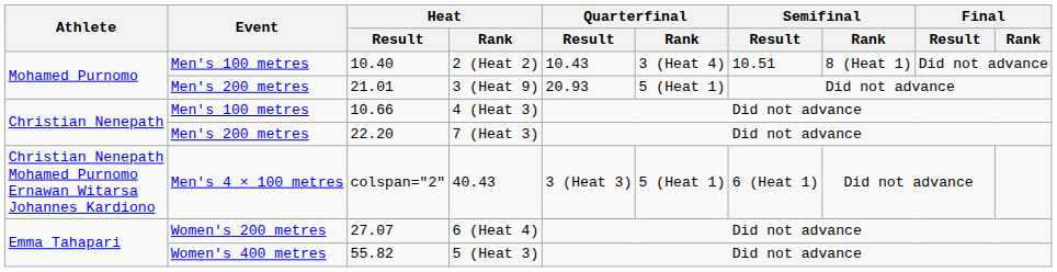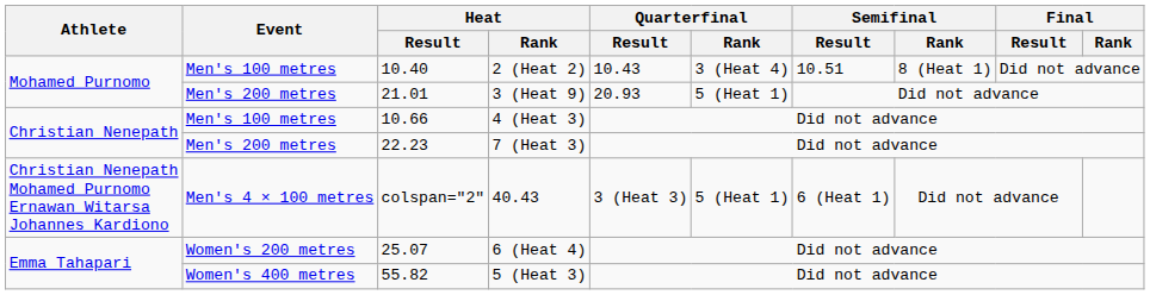 <table class="wikitable">
 <tr>
 <th rowspan="2">Athlete</th>
 <th rowspan="2">Event</th>
 <th colspan="2">Heat</th>
 <th colspan="2">Quarterfinal</th>
 <th colspan="2">Semifinal</th>
 <th colspan="2">Final</th>
 </tr>
 <tr>
 <th>Result</th>
 <th>Rank</th>
 <th>Result</th>
 <th>Rank</th>
 <th>Result</th>
 <th>Rank</th>
 <th>Result</th>
 <th>Rank</th>
 </tr>
 <tr>
 <td rowspan=2><a href='#'>Mohamed Purnomo</a></td>
 <td><a href='#'>Men's 100 metres</a></td>
 <td>10.40</td>
 <td>2 (Heat 2)</td>
 <td>10.43</td>
 <td>3 (Heat 4)</td>
 <td>10.51</td>
 <td>8 (Heat 1)</td>
 <td colspan="2" align=center>Did not advance</td>
 </tr>
 <tr>
 <td><a href='#'>Men's 200 metres</a></td>
 <td>21.01</td>
 <td>3 (Heat 9)</td>
 <td>20.93</td>
 <td>5 (Heat 1)</td>
 <td colspan="4" align=center>Did not advance</td>
 </tr>
 <tr>
 <td rowspan=2><a href='#'>Christian Nenepath</a></td>
 <td><a href='#'>Men's 100 metres</a></td>
 <td>10.66</td>
 <td>4 (Heat 3)</td>
 <td colspan="6" align=center>Did not advance</td>
 </tr>
 <tr>
 <td><a href='#'>Men's 200 metres</a></td>
-<td>22.20</td>
+<td>22.23</td>
 <td>7 (Heat 3)</td>
 <td colspan="6" align=center>Did not advance</td>
 </tr>
 <tr>
 <td align=left><a href='#'>Christian Nenepath</a><br><a href='#'>Mohamed Purnomo</a><br><a href='#'>Ernawan Witarsa</a><br><a href='#'>Johannes Kardiono</a></td>
 <td><a href='#'>Men's 4 × 100 metres</a></td>
 <td>colspan="2" </td>
 <td>40.43</td>
 <td>3 (Heat 3)</td>
 <td>5 (Heat 1)</td>
 <td>6 (Heat 1)</td>
 <td colspan="2" align=center>Did not advance</td>
 </tr>
 <tr>
 <td rowspan=2><a href='#'>Emma Tahapari</a></td>
 <td><a href='#'>Women's 200 metres</a></td>
-<td>27.07</td>
+<td>25.07</td>
 <td>6 (Heat 4)</td>
 <td colspan="6" align=center>Did not advance</td>
 </tr>
 <tr>
 <td><a href='#'>Women's 400 metres</a></td>
 <td>55.82</td>
 <td>5 (Heat 3)</td>
 <td colspan="6" align=center>Did not advance</td>
 </tr>
 </table>
